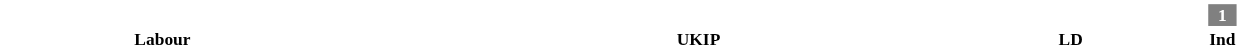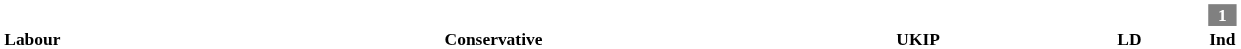 <table style="width:100%; text-align:center;">
 <tr style="color:white;">
 <td style="background-color:"><strong>22</strong></td>
+<td style="background-color:"><strong>12</strong></td>
 <td style="background-color:"><strong>5</strong></td>
 <td style="background-color:"><strong>1</strong></td>
 <td style="background-color:gray; width:2%;"><strong>1</strong></td>
 </tr>
 <tr>
 <td><span><strong>Labour</strong></span></td>
+<td><span><strong>Conservative</strong></span></td>
 <td><span><strong>UKIP</strong></span></td>
 <td><span><strong>LD</strong></span></td>
 <td><span><strong>Ind</strong></span></td>
 </tr>
 </table>
